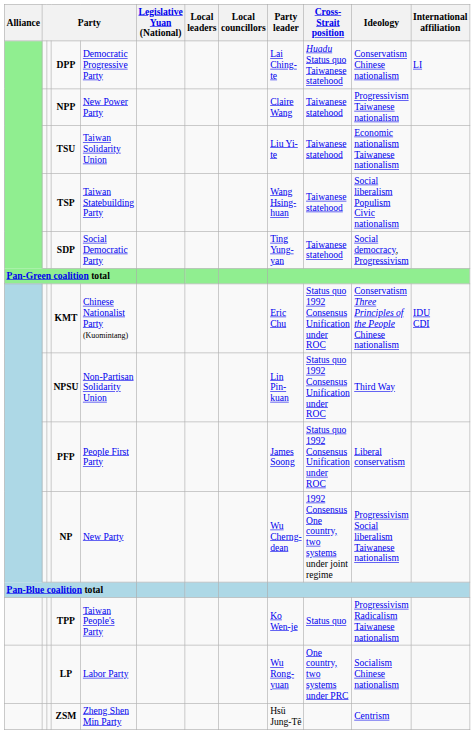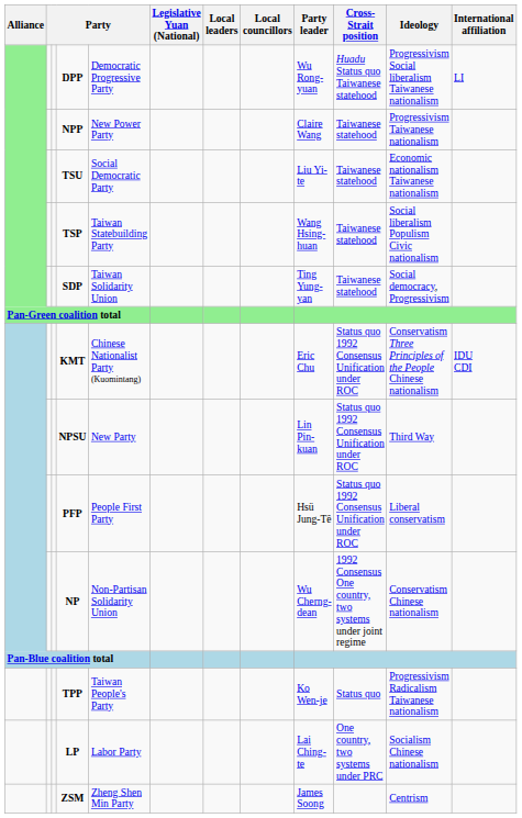 <table class="wikitable sortable">
 <tr>
 <th class="unsortable">Alliance</th>
 <th class="unsortable" colspan="4">Party</th>
 <th><a href='#'>Legislative Yuan</a><br>(National)</th>
 <th>Local leaders</th>
 <th>Local councillors</th>
 <th class="unsortable">Party leader</th>
 <th class="unsortable"><a href='#'>Cross-Strait position</a></th>
 <th class="unsortable">Ideology</th>
 <th class="unsortable">International affiliation</th>
 </tr>
 <tr>
 <td rowspan="5" style="border-bottom-style:hidden;background-color:LightGreen;" align=center></td>
 <td style="background-color:"></td>
 <td align=center></td>
 <td align=center><strong>DPP</strong></td>
 <td><a href='#'>Democratic Progressive Party</a></td>
 <td></td>
 <td></td>
 <td></td>
-<td><a href='#'>Lai Ching-te</a></td>
+<td><a href='#'>Wu Rong-yuan</a></td>
 <td><a href='#'><em>Huadu</em></a><br><a href='#'>Status quo</a><br><a href='#'>Taiwanese statehood</a></td>
-<td><a href='#'>Conservatism</a><br><a href='#'>Chinese nationalism</a></td>
+<td><a href='#'>Progressivism</a><br><a href='#'>Social liberalism</a><br><a href='#'>Taiwanese nationalism</a></td>
 <td><a href='#'>LI</a></td>
 </tr>
 <tr>
 <td style="background-color:"></td>
 <td align=center></td>
 <td align=center><strong>NPP</strong></td>
 <td><a href='#'>New Power Party</a></td>
 <td></td>
 <td></td>
 <td></td>
 <td><a href='#'>Claire Wang</a></td>
 <td><a href='#'>Taiwanese statehood</a></td>
 <td><a href='#'>Progressivism</a><br><a href='#'>Taiwanese nationalism</a></td>
 <td></td>
 </tr>
 <tr>
 <td style="background-color:"></td>
 <td align=center></td>
 <td align=center><strong>TSU</strong></td>
-<td><a href='#'>Taiwan Solidarity Union</a></td>
+<td><a href='#'>Social Democratic Party</a></td>
 <td></td>
 <td></td>
 <td></td>
 <td><a href='#'>Liu Yi-te</a></td>
 <td><a href='#'>Taiwanese statehood</a></td>
 <td><a href='#'>Economic nationalism</a><br><a href='#'>Taiwanese nationalism</a></td>
 <td></td>
 </tr>
 <tr>
 <td style="background-color:"></td>
 <td align=center></td>
 <td align=center><strong>TSP</strong></td>
 <td><a href='#'>Taiwan Statebuilding Party</a></td>
 <td></td>
 <td></td>
 <td></td>
 <td><a href='#'>Wang Hsing-huan</a></td>
 <td><a href='#'>Taiwanese statehood</a></td>
 <td><a href='#'>Social liberalism</a><br><a href='#'>Populism</a><br><a href='#'>Civic nationalism</a></td>
 <td></td>
 </tr>
 <tr>
 <td style="background-color:"></td>
 <td align=center></td>
 <td align=center><strong>SDP</strong></td>
-<td><a href='#'>Social Democratic Party</a></td>
+<td><a href='#'>Taiwan Solidarity Union</a></td>
 <td></td>
 <td></td>
 <td></td>
 <td><a href='#'>Ting Yung-yan</a></td>
 <td><a href='#'>Taiwanese statehood</a></td>
 <td><a href='#'>Social democracy</a>, <a href='#'>Progressivism</a></td>
 <td></td>
 </tr>
 <tr style="background-color:LightGreen;">
 <td colspan="5"><strong><a href='#'>Pan-Green coalition</a> total</strong></td>
 <td></td>
 <td></td>
 <td></td>
 <td colspan="4"></td>
 </tr>
 <tr>
 <td rowspan="4" style="border-bottom-style:hidden;background-color:LightBlue;" align=center></td>
 <td style="background-color:"></td>
 <td align=center></td>
 <td align=center><strong>KMT</strong></td>
 <td><a href='#'>Chinese Nationalist Party</a><br><small>(Kuomintang)</small></td>
 <td></td>
 <td></td>
 <td></td>
 <td><a href='#'>Eric Chu</a></td>
 <td><a href='#'>Status quo</a><br><a href='#'>1992 Consensus</a><br><a href='#'>Unification under ROC</a></td>
 <td><a href='#'>Conservatism</a><br><em><a href='#'>Three Principles of the People</a></em><br><a href='#'>Chinese nationalism</a></td>
 <td><a href='#'>IDU</a><br><a href='#'>CDI</a></td>
 </tr>
 <tr>
 <td style="background-color:"></td>
 <td align=center></td>
 <td align=center><strong>NPSU</strong></td>
-<td><a href='#'>Non-Partisan Solidarity Union</a></td>
+<td><a href='#'>New Party</a></td>
 <td></td>
 <td></td>
 <td></td>
 <td><a href='#'>Lin Pin-kuan</a></td>
 <td><a href='#'>Status quo</a><br><a href='#'>1992 Consensus</a><br><a href='#'>Unification under ROC</a></td>
 <td><a href='#'>Third Way</a></td>
 <td></td>
 </tr>
 <tr>
 <td style="background-color:"></td>
 <td align=center></td>
 <td align=center><strong>PFP</strong></td>
 <td><a href='#'>People First Party</a></td>
 <td></td>
 <td></td>
 <td></td>
-<td><a href='#'>James Soong</a></td>
+<td>Hsü Jung-Tê</td>
 <td><a href='#'>Status quo</a><br><a href='#'>1992 Consensus</a><br><a href='#'>Unification under ROC</a></td>
 <td><a href='#'>Liberal conservatism</a></td>
 <td></td>
 </tr>
 <tr>
 <td style="background-color:"></td>
 <td align=center></td>
 <td align=center><strong>NP</strong></td>
-<td><a href='#'>New Party</a></td>
+<td><a href='#'>Non-Partisan Solidarity Union</a></td>
 <td></td>
 <td></td>
 <td></td>
 <td><a href='#'>Wu Cherng-dean</a></td>
 <td><a href='#'>1992 Consensus</a><br><a href='#'>One country, two systems</a> under joint regime</td>
-<td><a href='#'>Progressivism</a><br><a href='#'>Social liberalism</a><br><a href='#'>Taiwanese nationalism</a></td>
+<td><a href='#'>Conservatism</a><br><a href='#'>Chinese nationalism</a></td>
 <td></td>
 </tr>
 <tr style="background-color:LightBlue;">
 <td colspan="5"><strong><a href='#'>Pan-Blue coalition</a> total</strong></td>
 <td></td>
 <td></td>
 <td></td>
 <td colspan="4"></td>
 </tr>
 <tr>
 <td></td>
 <td style="background-color:"></td>
 <td align=center></td>
 <td align=center><strong>TPP</strong></td>
 <td><a href='#'>Taiwan People's Party</a></td>
 <td></td>
 <td></td>
 <td></td>
 <td><a href='#'>Ko Wen-je</a></td>
 <td><a href='#'>Status quo</a></td>
 <td><a href='#'>Progressivism</a><br><a href='#'>Radicalism</a><br><a href='#'>Taiwanese nationalism</a></td>
 <td></td>
 </tr>
 <tr>
 <td></td>
 <td style="background-color:"></td>
 <td align=center></td>
 <td align=center><strong>LP</strong></td>
 <td><a href='#'>Labor Party</a></td>
 <td></td>
 <td></td>
 <td></td>
-<td><a href='#'>Wu Rong-yuan</a></td>
+<td><a href='#'>Lai Ching-te</a></td>
 <td><a href='#'>One country, two systems under PRC</a></td>
 <td><a href='#'>Socialism</a><br><a href='#'>Chinese nationalism</a></td>
 <td></td>
 </tr>
 <tr>
 <td></td>
 <td style="background-color:"></td>
 <td align=center></td>
 <td align=center><strong>ZSM</strong></td>
 <td><a href='#'>Zheng Shen Min Party</a></td>
 <td></td>
 <td></td>
 <td></td>
-<td>Hsü Jung-Tê</td>
+<td><a href='#'>James Soong</a></td>
 <td></td>
 <td><a href='#'>Centrism</a></td>
 <td></td>
 </tr>
 </table>
